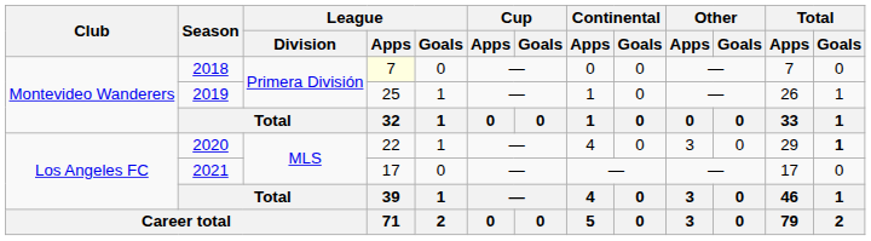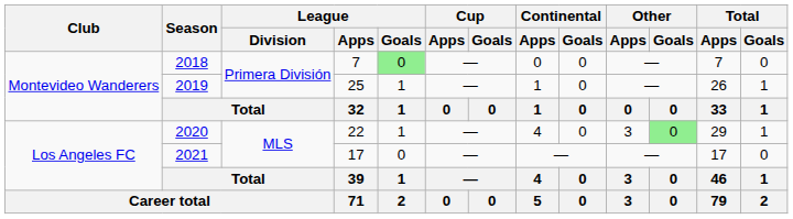 <table class="wikitable" Style="text-align: center">
 <tr>
 <th rowspan="2">Club</th>
 <th rowspan="2">Season</th>
 <th colspan="3">League</th>
 <th colspan="2">Cup</th>
 <th colspan="2">Continental</th>
 <th colspan="2">Other</th>
 <th colspan="2">Total</th>
 </tr>
 <tr>
 <th>Division</th>
 <th>Apps</th>
 <th>Goals</th>
 <th>Apps</th>
 <th>Goals</th>
 <th>Apps</th>
 <th>Goals</th>
 <th>Apps</th>
 <th>Goals</th>
 <th>Apps</th>
 <th>Goals</th>
 </tr>
 <tr>
 <td rowspan="3"><a href='#'>Montevideo Wanderers</a></td>
 <td><a href='#'>2018</a></td>
 <td rowspan="2"><a href='#'>Primera División</a></td>
-<td style="background: lightyellow;">7</td>
-<td>0</td>
+<td>7</td>
+<td style="background: lightgreen;">0</td>
 <td colspan="2">—</td>
 <td>0</td>
 <td>0</td>
 <td colspan="2">—</td>
 <td>7</td>
 <td>0</td>
 </tr>
 <tr>
 <td><a href='#'>2019</a></td>
 <td>25</td>
 <td>1</td>
 <td colspan="2">—</td>
 <td>1</td>
 <td>0</td>
 <td colspan="2">—</td>
 <td>26</td>
 <td>1</td>
 </tr>
 <tr>
 <th colspan="2">Total</th>
 <th>32</th>
 <th>1</th>
 <th>0</th>
 <th>0</th>
 <th>1</th>
 <th>0</th>
 <th>0</th>
 <th>0</th>
 <th>33</th>
 <th>1</th>
 </tr>
 <tr>
 <td rowspan="3"><a href='#'>Los Angeles FC</a></td>
 <td><a href='#'>2020</a></td>
 <td rowspan="2"><a href='#'>MLS</a></td>
 <td>22</td>
 <td>1</td>
 <td colspan="2">—</td>
 <td>4</td>
 <td>0</td>
 <td>3</td>
-<td>0</td>
+<td style="background: lightgreen;">0</td>
 <td>29</td>
-<td><strong>1</strong></td>
+<td>1</td>
 </tr>
 <tr>
 <td><a href='#'>2021</a></td>
 <td>17</td>
 <td>0</td>
 <td colspan="2">—</td>
 <td colspan="2">—</td>
 <td colspan="2">—</td>
 <td>17</td>
 <td>0</td>
 </tr>
 <tr>
 <th colspan="2">Total</th>
 <th>39</th>
 <th>1</th>
 <th colspan="2">—</th>
 <th>4</th>
 <th>0</th>
 <th>3</th>
 <th>0</th>
 <th>46</th>
 <th>1</th>
 </tr>
 <tr>
 <th colspan="3">Career total</th>
 <th>71</th>
 <th>2</th>
 <th>0</th>
 <th>0</th>
 <th>5</th>
 <th>0</th>
 <th>3</th>
 <th>0</th>
 <th>79</th>
 <th>2</th>
 </tr>
 </table>
